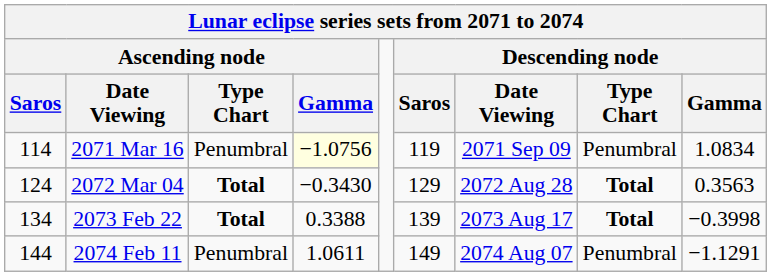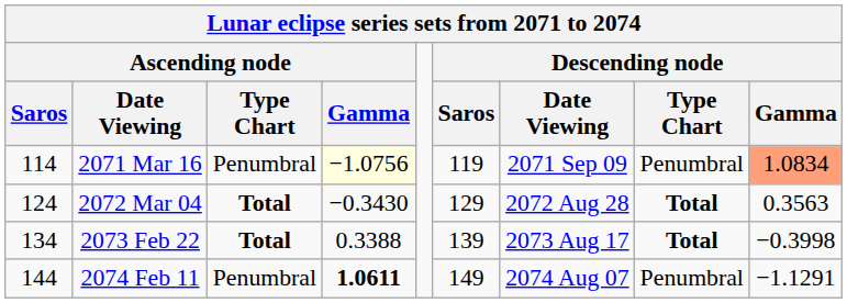 <table class="wikitable mw-collapsible mw-collapsed">
 <tr>
 <th class="nowrap" colspan="9"><a href='#'>Lunar eclipse</a> series sets from 2071 to 2074</th>
 </tr>
 <tr>
 <th scope="col" colspan="4">Ascending node</th>
 <td rowspan="11"> </td>
 <th scope="col" colspan="4">Descending node</th>
 </tr>
 <tr style="text-align: center;">
 <th scope="col"><a href='#'>Saros</a></th>
 <th scope="col">Date<br>Viewing</th>
 <th scope="col">Type<br>Chart</th>
 <th scope="col"><a href='#'>Gamma</a></th>
 <th scope="col">Saros</th>
 <th scope="col">Date<br>Viewing</th>
 <th scope="col">Type<br>Chart</th>
 <th scope="col">Gamma</th>
 </tr>
 <tr style="text-align: center;">
 <td>114</td>
 <td><a href='#'>2071 Mar 16</a><br></td>
 <td style="text-align:center;">Penumbral<br></td>
 <td style="background: lightyellow;">−1.0756</td>
 <td>119</td>
 <td><a href='#'>2071 Sep 09</a><br></td>
 <td style="text-align:center;">Penumbral<br></td>
-<td>1.0834</td>
+<td style="background: lightsalmon;">1.0834</td>
 </tr>
 <tr style="text-align: center;">
 <td>124</td>
 <td style="text-align:center;vertical-align:top;"><a href='#'>2072 Mar 04</a><br></td>
 <td style="text-align:center;"><strong>Total</strong><br></td>
 <td>−0.3430</td>
 <td>129</td>
 <td><a href='#'>2072 Aug 28</a><br></td>
 <td style="text-align:center;"><strong>Total</strong><br></td>
 <td>0.3563</td>
 </tr>
 <tr style="text-align: center;">
 <td>134</td>
 <td><a href='#'>2073 Feb 22</a><br></td>
 <td style="text-align:center;"><strong>Total</strong><br></td>
 <td>0.3388</td>
 <td>139</td>
 <td><a href='#'>2073 Aug 17</a><br></td>
 <td style="text-align:center;"><strong>Total</strong><br></td>
 <td>−0.3998</td>
 </tr>
 <tr style="text-align: center;">
 <td>144</td>
 <td><a href='#'>2074 Feb 11</a><br></td>
 <td style="text-align:center;">Penumbral<br></td>
-<td>1.0611</td>
+<td><strong>1.0611</strong></td>
 <td>149</td>
 <td><a href='#'>2074 Aug 07</a><br></td>
 <td style="text-align:center;">Penumbral<br></td>
 <td>−1.1291</td>
 </tr>
 </table>
